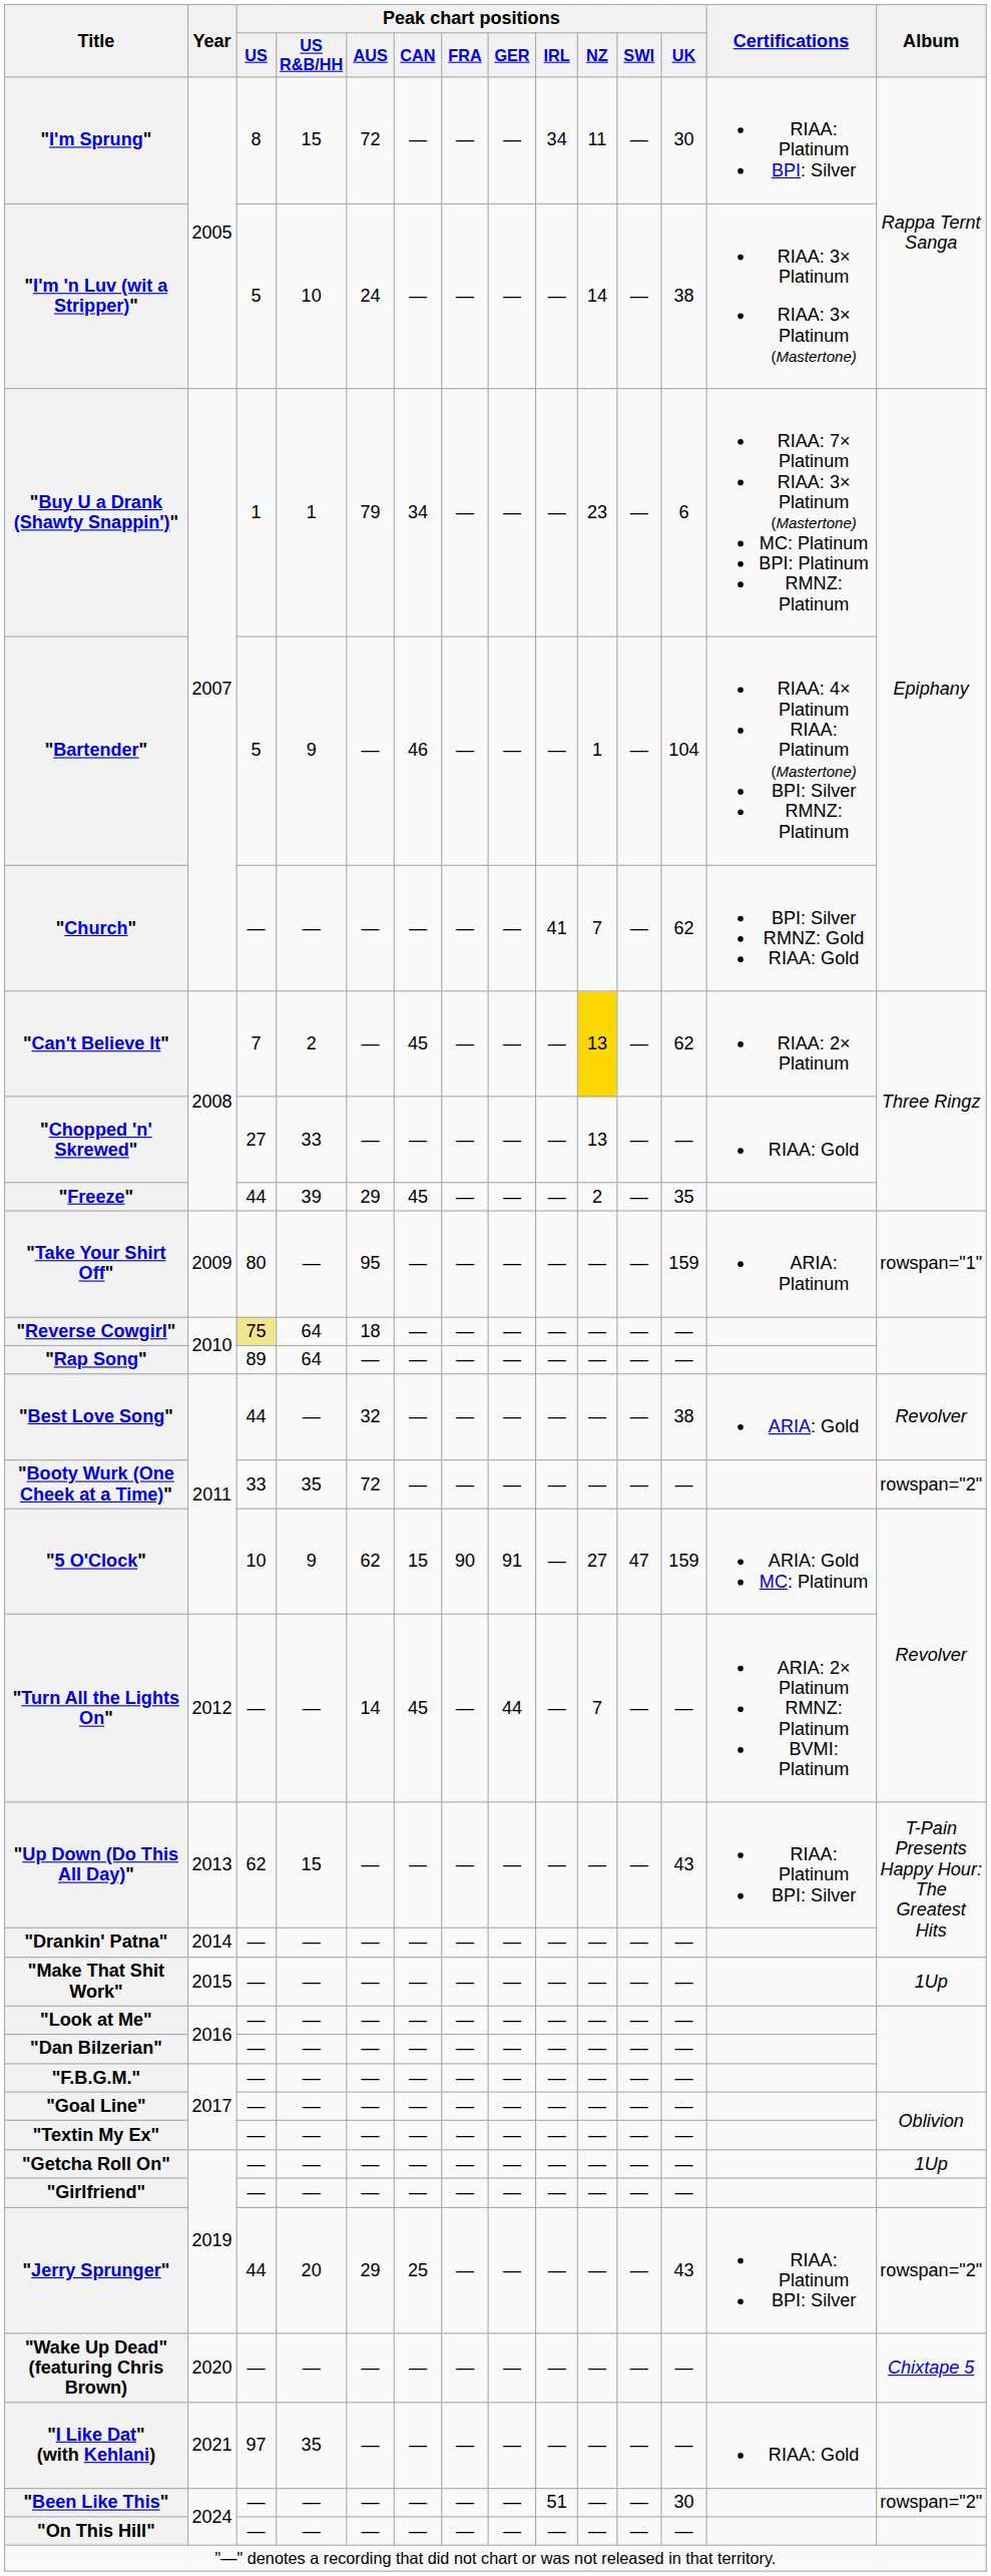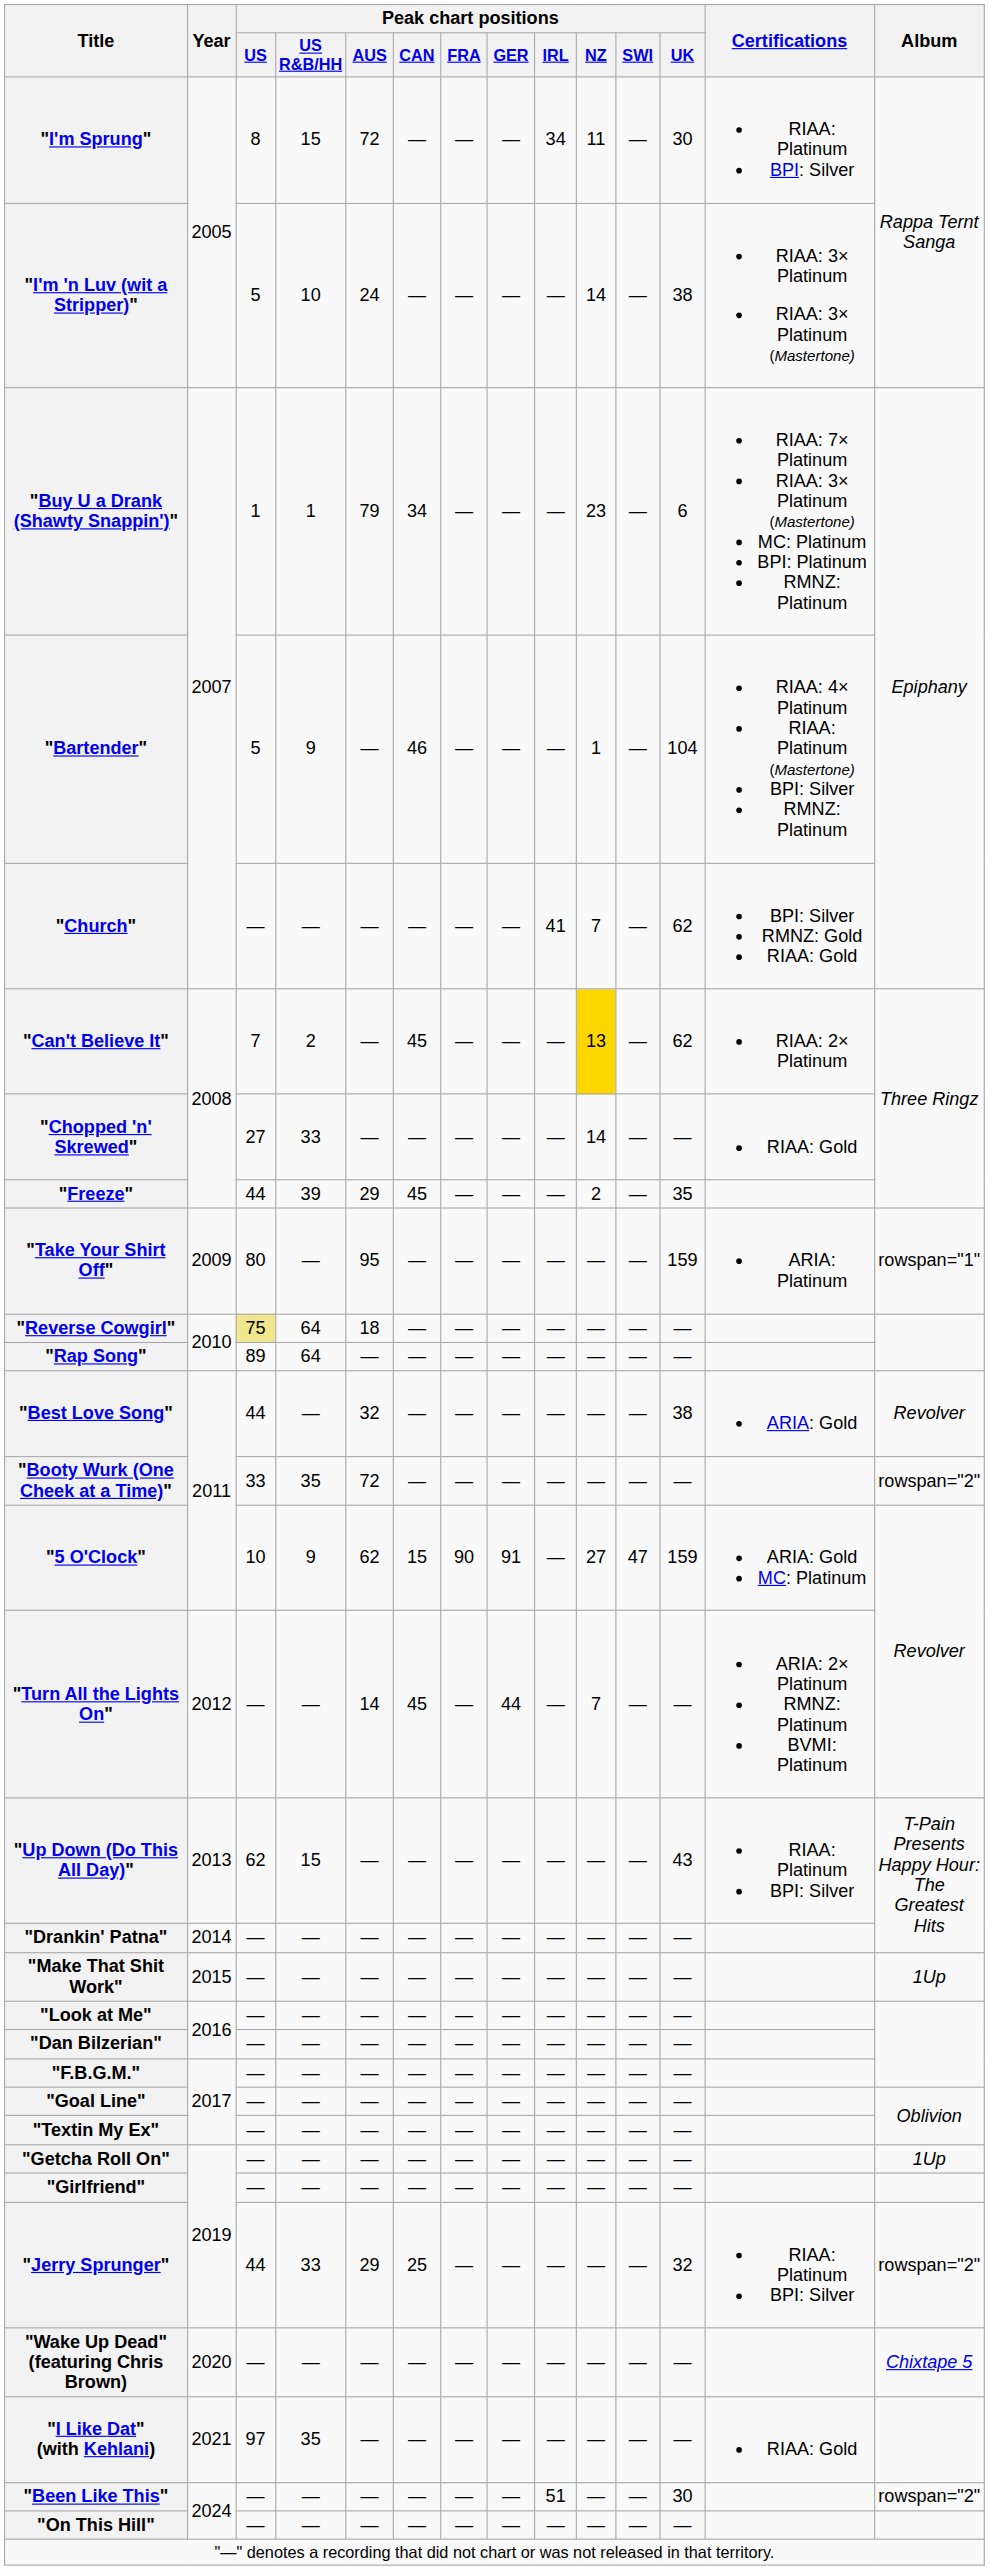 <table class="wikitable plainrowheaders" style="text-align:center;">
 <tr>
 <th scope="col" rowspan="2" style="width:17em;">Title</th>
 <th scope="col" rowspan="2">Year</th>
 <th scope="col" colspan="10">Peak chart positions</th>
 <th scope="col" rowspan="2" style="width:12em;"><a href='#'>Certifications</a></th>
 <th scope="col" rowspan="2">Album</th>
 </tr>
 <tr>
 <th scope="col" style="width:3em;font-size:90%;"><a href='#'>US</a><br></th>
 <th scope="col" style="width:3em;font-size:90%;"><a href='#'>US<br>R&B/HH</a><br></th>
 <th scope="col" style="width:3em;font-size:90%;"><a href='#'>AUS</a><br></th>
 <th scope="col" style="width:3em;font-size:90%;"><a href='#'>CAN</a><br></th>
 <th scope="col" style="width:3em;font-size:90%;"><a href='#'>FRA</a><br></th>
 <th scope="col" style="width:3em;font-size:90%;"><a href='#'>GER</a><br></th>
 <th scope="col" style="width:3em;font-size:90%;"><a href='#'>IRL</a><br></th>
 <th scope="col" style="width:3em;font-size:90%;"><a href='#'>NZ</a><br></th>
 <th scope="col" style="width:3em;font-size:90%;"><a href='#'>SWI</a><br></th>
 <th scope="col" style="width:3em;font-size:90%;"><a href='#'>UK</a><br></th>
 </tr>
 <tr>
 <th scope="row">"<a href='#'>I'm Sprung</a>"</th>
 <td rowspan="2">2005</td>
 <td>8</td>
 <td>15</td>
 <td>72</td>
 <td>—</td>
 <td>—</td>
 <td>—</td>
 <td>34</td>
 <td>11</td>
 <td>—</td>
 <td>30</td>
 <td><br><ul><li>RIAA: Platinum</li><li><a href='#'>BPI</a>: Silver</li></ul></td>
 <td rowspan="2"><em>Rappa Ternt Sanga</em></td>
 </tr>
 <tr>
 <th scope="row">"<a href='#'>I'm 'n Luv (wit a Stripper)</a>"<br></th>
 <td>5</td>
 <td>10</td>
 <td>24</td>
 <td>—</td>
 <td>—</td>
 <td>—</td>
 <td>—</td>
 <td>14</td>
 <td>—</td>
 <td>38</td>
 <td><br><ul><li>RIAA: 3× Platinum </li></ul><ul><li>RIAA: 3× Platinum <small>(<em>Mastertone)</em></small></li></ul></td>
 </tr>
 <tr>
 <th scope="row">"<a href='#'>Buy U a Drank (Shawty Snappin')</a>"<br></th>
 <td rowspan="3">2007</td>
 <td>1</td>
 <td>1</td>
 <td>79</td>
 <td>34</td>
 <td>—</td>
 <td>—</td>
 <td>—</td>
 <td>23</td>
 <td>—</td>
 <td>6</td>
 <td><br><ul><li>RIAA: 7× Platinum</li><li>RIAA: 3× Platinum <small>(<em>Mastertone)</em></small></li><li>MC: Platinum</li><li>BPI: Platinum</li><li>RMNZ: Platinum</li></ul></td>
 <td rowspan="3"><em>Epiphany</em></td>
 </tr>
 <tr>
 <th scope="row">"<a href='#'>Bartender</a>"<br></th>
 <td>5</td>
 <td>9</td>
 <td>—</td>
 <td>46</td>
 <td>—</td>
 <td>—</td>
 <td>—</td>
 <td>1</td>
 <td>—</td>
 <td>104</td>
 <td><br><ul><li>RIAA: 4× Platinum</li><li>RIAA: Platinum <small>(<em>Mastertone)</em></small></li><li>BPI: Silver</li><li>RMNZ: Platinum</li></ul></td>
 </tr>
 <tr>
 <th scope="row">"<a href='#'>Church</a>"</th>
 <td>—</td>
 <td>—</td>
 <td>—</td>
 <td>—</td>
 <td>—</td>
 <td>—</td>
 <td>41</td>
 <td>7</td>
 <td>—</td>
 <td>62</td>
 <td><br><ul><li>BPI: Silver</li><li>RMNZ: Gold</li><li>RIAA: Gold</li></ul></td>
 </tr>
 <tr>
 <th scope="row">"<a href='#'>Can't Believe It</a>"<br></th>
 <td rowspan="3">2008</td>
 <td>7</td>
 <td>2</td>
 <td>—</td>
 <td>45</td>
 <td>—</td>
 <td>—</td>
 <td>—</td>
 <td style="background: gold;">13</td>
 <td>—</td>
 <td>62</td>
 <td><br><ul><li>RIAA: 2× Platinum</li></ul></td>
 <td rowspan="3"><em>Three Ringz</em></td>
 </tr>
 <tr>
 <th scope="row">"<a href='#'>Chopped 'n' Skrewed</a>"<br></th>
 <td>27</td>
 <td>33</td>
 <td>—</td>
 <td>—</td>
 <td>—</td>
 <td>—</td>
 <td>—</td>
-<td>13</td>
+<td>14</td>
 <td>—</td>
 <td>—</td>
 <td><br><ul><li>RIAA: Gold</li></ul></td>
 </tr>
 <tr>
 <th scope="row">"<a href='#'>Freeze</a>"<br></th>
 <td>44</td>
 <td>39</td>
 <td>29</td>
 <td>45</td>
 <td>—</td>
 <td>—</td>
 <td>—</td>
 <td>2</td>
 <td>—</td>
 <td>35</td>
 <td></td>
 </tr>
 <tr>
 <th scope="row">"<a href='#'>Take Your Shirt Off</a>"</th>
 <td rowspan="1">2009</td>
 <td>80</td>
 <td>—</td>
 <td>95</td>
 <td>—</td>
 <td>—</td>
 <td>—</td>
 <td>—</td>
 <td>—</td>
 <td>—</td>
 <td>159</td>
 <td><br><ul><li>ARIA: Platinum</li></ul></td>
 <td>rowspan="1" </td>
 </tr>
 <tr>
 <th scope="row">"<a href='#'>Reverse Cowgirl</a>"</th>
 <td rowspan="2">2010</td>
 <td style="background: khaki;">75</td>
 <td>64</td>
 <td>18</td>
 <td>—</td>
 <td>—</td>
 <td>—</td>
 <td>—</td>
 <td>—</td>
 <td>—</td>
 <td>—</td>
 <td></td>
 </tr>
 <tr>
 <th scope="row">"<a href='#'>Rap Song</a>"<br></th>
 <td>89</td>
 <td>64</td>
 <td>—</td>
 <td>—</td>
 <td>—</td>
 <td>—</td>
 <td>—</td>
 <td>—</td>
 <td>—</td>
 <td>—</td>
 <td></td>
 </tr>
 <tr>
 <th scope="row">"<a href='#'>Best Love Song</a>"<br></th>
 <td rowspan="3">2011</td>
 <td>44</td>
 <td>—</td>
 <td>32</td>
 <td>—</td>
 <td>—</td>
 <td>—</td>
 <td>—</td>
 <td>—</td>
 <td>—</td>
 <td>38</td>
 <td><br><ul><li><a href='#'>ARIA</a>: Gold</li></ul></td>
 <td rowspan="1"><em>Revolver</em></td>
 </tr>
 <tr>
 <th scope="row">"<a href='#'>Booty Wurk (One Cheek at a Time)</a>"</th>
 <td>33</td>
 <td>35</td>
 <td>72</td>
 <td>—</td>
 <td>—</td>
 <td>—</td>
 <td>—</td>
 <td>—</td>
 <td>—</td>
 <td>—</td>
 <td></td>
 <td>rowspan="2" </td>
 </tr>
 <tr>
 <th scope="row">"<a href='#'>5 O'Clock</a>"<br></th>
 <td>10</td>
 <td>9</td>
 <td>62</td>
 <td>15</td>
 <td>90</td>
 <td>91</td>
 <td>—</td>
 <td>27</td>
 <td>47</td>
 <td>159</td>
 <td><br><ul><li>ARIA: Gold</li><li><a href='#'>MC</a>: Platinum</li></ul></td>
 <td rowspan="2"><em>Revolver</em></td>
 </tr>
 <tr>
 <th scope="row">"<a href='#'>Turn All the Lights On</a>"<br></th>
 <td>2012</td>
 <td>—</td>
 <td>—</td>
 <td>14</td>
 <td>45</td>
 <td>—</td>
 <td>44</td>
 <td>—</td>
 <td>7</td>
 <td>—</td>
 <td>—</td>
 <td><br><ul><li>ARIA: 2× Platinum</li><li>RMNZ: Platinum</li><li>BVMI: Platinum</li></ul></td>
 </tr>
 <tr>
 <th scope="row">"<a href='#'>Up Down (Do This All Day)</a>"<br></th>
 <td>2013</td>
 <td>62</td>
 <td>15</td>
 <td>—</td>
 <td>—</td>
 <td>—</td>
 <td>—</td>
 <td>—</td>
 <td>—</td>
 <td>—</td>
 <td>43</td>
 <td><br><ul><li>RIAA: Platinum</li><li>BPI: Silver</li></ul></td>
 <td rowspan="2"><em>T-Pain Presents Happy Hour: The Greatest Hits</em></td>
 </tr>
 <tr>
 <th scope="row">"Drankin' Patna"<br></th>
 <td>2014</td>
 <td>—</td>
 <td>—</td>
 <td>—</td>
 <td>—</td>
 <td>—</td>
 <td>—</td>
 <td>—</td>
 <td>—</td>
 <td>—</td>
 <td>—</td>
 <td></td>
 </tr>
 <tr>
 <th scope="row">"Make That Shit Work"<br></th>
 <td>2015</td>
 <td>—</td>
 <td>—</td>
 <td>—</td>
 <td>—</td>
 <td>—</td>
 <td>—</td>
 <td>—</td>
 <td>—</td>
 <td>—</td>
 <td>—</td>
 <td></td>
 <td><em>1Up</em></td>
 </tr>
 <tr>
 <th scope="row">"Look at Me"</th>
 <td rowspan="2">2016</td>
 <td>—</td>
 <td>—</td>
 <td>—</td>
 <td>—</td>
 <td>—</td>
 <td>—</td>
 <td>—</td>
 <td>—</td>
 <td>—</td>
 <td>—</td>
 <td></td>
 </tr>
 <tr>
 <th scope="row">"Dan Bilzerian"<br></th>
 <td>—</td>
 <td>—</td>
 <td>—</td>
 <td>—</td>
 <td>—</td>
 <td>—</td>
 <td>—</td>
 <td>—</td>
 <td>—</td>
 <td>—</td>
 <td></td>
 </tr>
 <tr>
 <th scope="row">"F.B.G.M."<br></th>
 <td rowspan="3">2017</td>
 <td>—</td>
 <td>—</td>
 <td>—</td>
 <td>—</td>
 <td>—</td>
 <td>—</td>
 <td>—</td>
 <td>—</td>
 <td>—</td>
 <td>—</td>
 <td></td>
 </tr>
 <tr>
 <th scope="row">"Goal Line"<br></th>
 <td>—</td>
 <td>—</td>
 <td>—</td>
 <td>—</td>
 <td>—</td>
 <td>—</td>
 <td>—</td>
 <td>—</td>
 <td>—</td>
 <td>—</td>
 <td></td>
 <td rowspan="2"><em>Oblivion</em></td>
 </tr>
 <tr>
 <th scope="row">"Textin My Ex"<br></th>
 <td>—</td>
 <td>—</td>
 <td>—</td>
 <td>—</td>
 <td>—</td>
 <td>—</td>
 <td>—</td>
 <td>—</td>
 <td>—</td>
 <td>—</td>
 <td></td>
 </tr>
 <tr>
 <th scope="row">"Getcha Roll On"<br></th>
 <td rowspan="3">2019</td>
 <td>—</td>
 <td>—</td>
 <td>—</td>
 <td>—</td>
 <td>—</td>
 <td>—</td>
 <td>—</td>
 <td>—</td>
 <td>—</td>
 <td>—</td>
 <td></td>
 <td><em>1Up</em></td>
 </tr>
 <tr>
 <th scope="row">"Girlfriend"<br></th>
 <td>—</td>
 <td>—</td>
 <td>—</td>
 <td>—</td>
 <td>—</td>
 <td>—</td>
 <td>—</td>
 <td>—</td>
 <td>—</td>
 <td>—</td>
 <td></td>
 <td></td>
 </tr>
 <tr>
 <th scope="row">"<a href='#'>Jerry Sprunger</a>"<br></th>
 <td>44</td>
-<td>20</td>
+<td>33</td>
 <td>29</td>
 <td>25</td>
 <td>—</td>
 <td>—</td>
 <td>—</td>
 <td>—</td>
 <td>—</td>
-<td>43</td>
+<td>32</td>
 <td><br><ul><li>RIAA: Platinum</li><li>BPI: Silver</li></ul></td>
 <td>rowspan="2" </td>
 </tr>
 <tr>
 <th scope="row">"Wake Up Dead" <br><span>(featuring Chris Brown)</span></th>
 <td>2020</td>
 <td>—</td>
 <td>—</td>
 <td>—</td>
 <td>—</td>
 <td>—</td>
 <td>—</td>
 <td>—</td>
 <td>—</td>
 <td>—</td>
 <td>—</td>
 <td></td>
 <td><em><a href='#'>Chixtape 5</a></em></td>
 </tr>
 <tr>
 <th scope="row">"<a href='#'>I Like Dat</a>" <br><span>(with <a href='#'>Kehlani</a>)</span></th>
 <td>2021</td>
 <td>97</td>
 <td>35</td>
 <td>—</td>
 <td>—</td>
 <td>—</td>
 <td>—</td>
 <td>—</td>
 <td>—</td>
 <td>—</td>
 <td>—</td>
 <td><br><ul><li>RIAA: Gold</li></ul></td>
 </tr>
 <tr>
 <th scope="row">"<a href='#'>Been Like This</a>"<br></th>
 <td rowspan="2">2024</td>
 <td>—</td>
 <td>—</td>
 <td>—</td>
 <td>—</td>
 <td>—</td>
 <td>—</td>
 <td>51</td>
 <td>—</td>
 <td>—</td>
 <td>30</td>
 <td></td>
 <td>rowspan="2" </td>
 </tr>
 <tr>
 <th scope="row">"On This Hill"</th>
 <td>—</td>
 <td>—</td>
 <td>—</td>
 <td>—</td>
 <td>—</td>
 <td>—</td>
 <td>—</td>
 <td>—</td>
 <td>—</td>
 <td>—</td>
 <td></td>
 <td></td>
 </tr>
 <tr>
 <td colspan="15" style="font-size:90%">"—" denotes a recording that did not chart or was not released in that territory.</td>
 </tr>
 </table>
